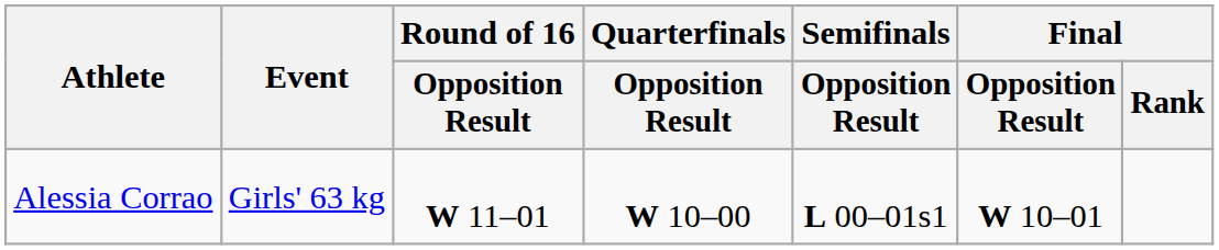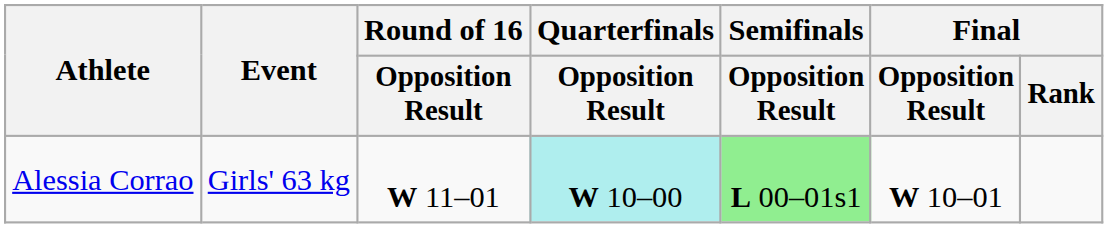 <table class="wikitable" style="font-size:90%">
 <tr>
 <th rowspan="2">Athlete</th>
 <th rowspan="2">Event</th>
 <th>Round of 16</th>
 <th>Quarterfinals</th>
 <th>Semifinals</th>
 <th colspan=2>Final</th>
 </tr>
 <tr style="font-size:95%">
 <th>Opposition<br>Result</th>
 <th>Opposition<br>Result</th>
 <th>Opposition<br>Result</th>
 <th>Opposition<br>Result</th>
 <th>Rank</th>
 </tr>
 <tr align=center>
 <td align=left><a href='#'>Alessia Corrao</a></td>
 <td align=left><a href='#'>Girls' 63 kg</a></td>
 <td><br> <strong>W</strong> 11–01</td>
-<td><br> <strong>W</strong> 10–00</td>
-<td><br> <strong>L</strong> 00–01s1</td>
+<td style="background: paleturquoise;"><br> <strong>W</strong> 10–00</td>
+<td style="background: lightgreen;"><br> <strong>L</strong> 00–01s1</td>
 <td><br> <strong>W</strong> 10–01</td>
 <td></td>
 </tr>
 </table>
